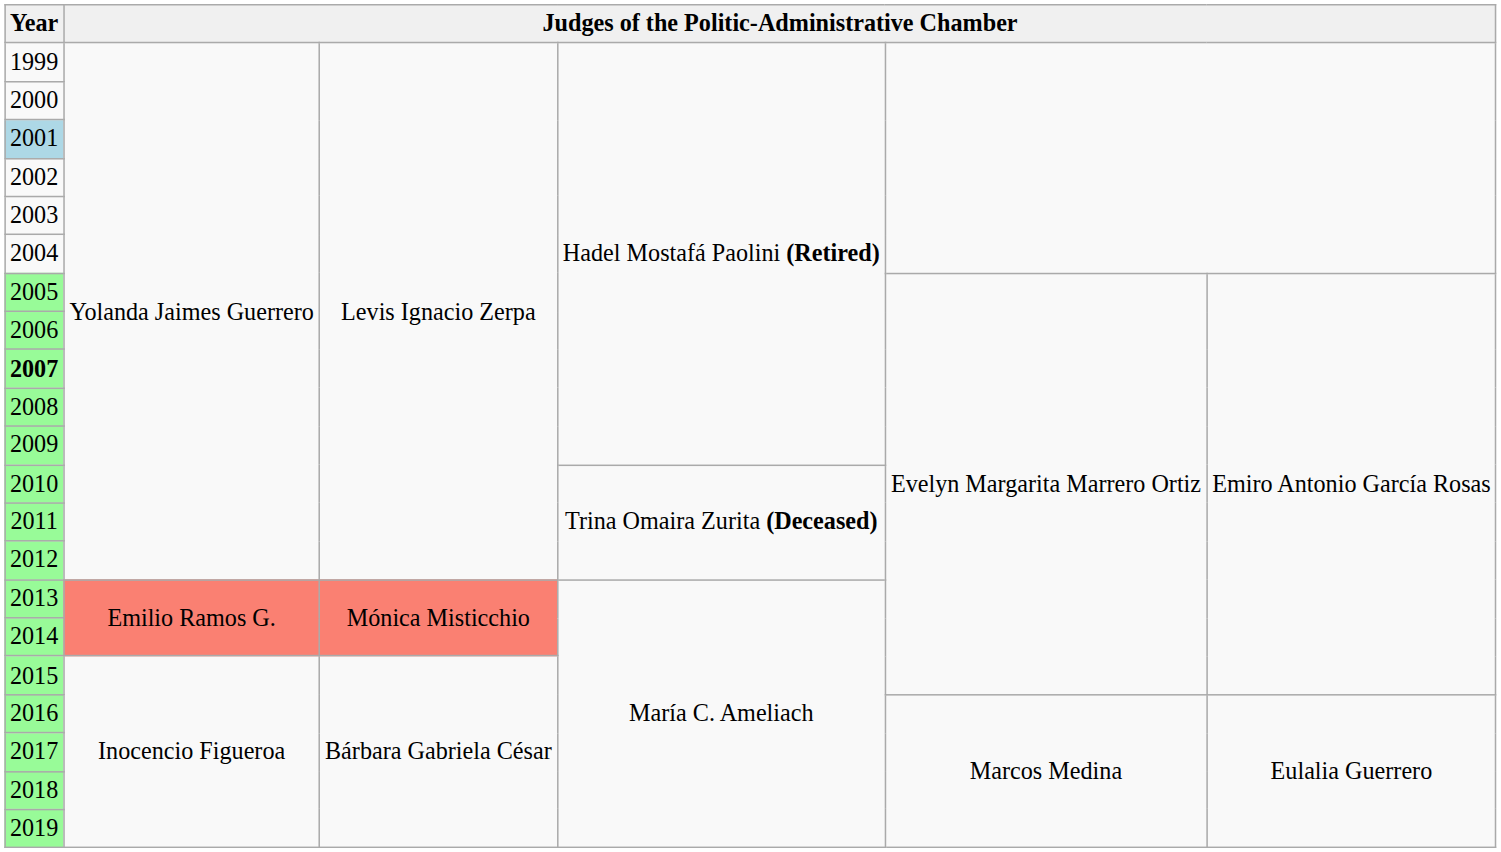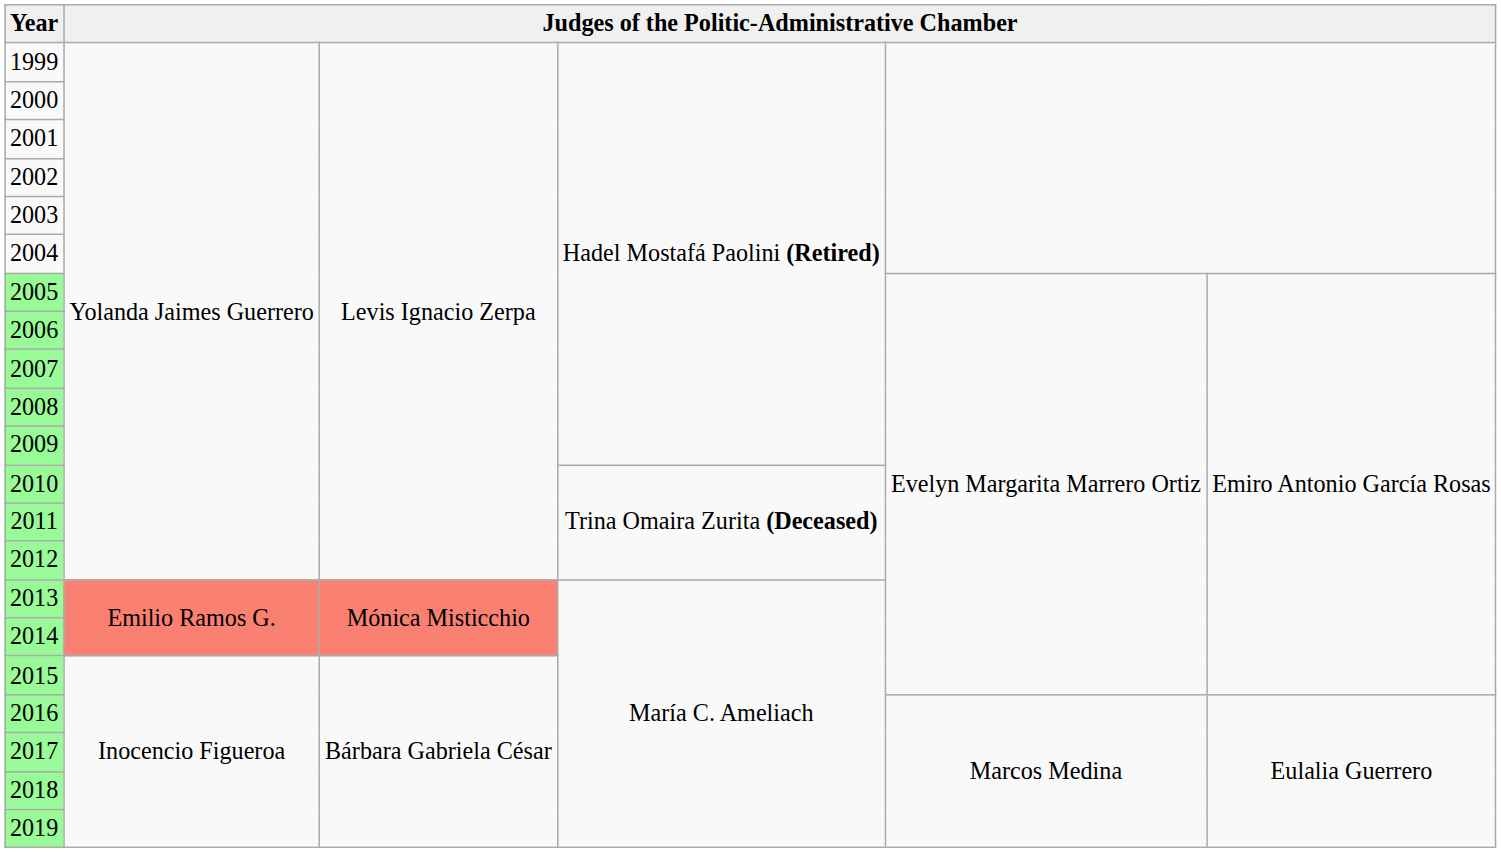 <table class="wikitable" style="margin:1em auto; text-align:center">
 <tr style="text-align:center; background:#f0f0f0;">
 <td><strong>Year</strong></td>
 <td colspan="5"><strong>Judges of the Politic-Administrative Chamber</strong></td>
 </tr>
 <tr>
 <td>1999</td>
 <td rowspan="14">Yolanda Jaimes Guerrero</td>
 <td rowspan="14">Levis Ignacio Zerpa</td>
 <td rowspan="11">Hadel Mostafá Paolini <strong>(Retired)</strong></td>
 <td colspan="2" rowspan="6"></td>
 </tr>
 <tr>
 <td>2000</td>
 </tr>
 <tr>
-<td style="background: lightblue;">2001</td>
+<td>2001</td>
 </tr>
 <tr>
 <td>2002</td>
 </tr>
 <tr>
 <td>2003</td>
 </tr>
 <tr>
 <td>2004</td>
 </tr>
 <tr>
 <td style="background:#98fb98; text-align:center;">2005</td>
 <td rowspan="11">Evelyn Margarita Marrero Ortiz</td>
 <td rowspan="11">Emiro Antonio García Rosas</td>
 </tr>
 <tr>
 <td style="background:#98fb98; text-align:center;">2006</td>
 </tr>
 <tr>
-<td style="background:#98fb98; text-align:center;"><strong>2007</strong></td>
+<td style="background:#98fb98; text-align:center;">2007</td>
 </tr>
 <tr>
 <td style="background:#98fb98; text-align:center;">2008</td>
 </tr>
 <tr>
 <td style="background:#98fb98; text-align:center;">2009</td>
 </tr>
 <tr>
 <td style="background:#98fb98; text-align:center;">2010</td>
 <td rowspan="3">Trina Omaira Zurita <strong>(Deceased)</strong></td>
 </tr>
 <tr>
 <td style="background:#98fb98; text-align:center;">2011</td>
 </tr>
 <tr>
 <td style="background:#98fb98; text-align:center;">2012</td>
 </tr>
 <tr>
 <td style="background:#98fb98; text-align:center;">2013</td>
 <td style="background:salmon;" rowspan="2">Emilio Ramos G.</td>
 <td style="background:salmon;" rowspan="2">Mónica Misticchio</td>
 <td rowspan="7">María C. Ameliach</td>
 </tr>
 <tr>
 <td style="background:#98fb98; text-align:center;">2014</td>
 </tr>
 <tr>
 <td style="background:#98fb98; text-align:center;">2015</td>
 <td rowspan="5">Inocencio Figueroa</td>
 <td rowspan="5">Bárbara Gabriela César</td>
 </tr>
 <tr>
 <td style="background:#98fb98; text-align:center;">2016</td>
 <td rowspan="4">Marcos Medina</td>
 <td rowspan="4">Eulalia Guerrero</td>
 </tr>
 <tr>
 <td style="background:#98fb98; text-align:center;">2017</td>
 </tr>
 <tr>
 <td style="background:#98fb98; text-align:center;">2018</td>
 </tr>
 <tr>
 <td style="background:#98fb98; text-align:center;">2019</td>
 </tr>
 </table>
